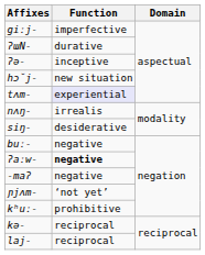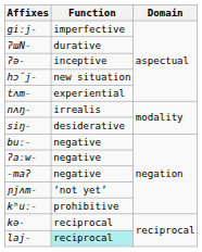 <table class="wikitable">
 <tr>
 <th>Affixes</th>
 <th>Function</th>
 <th>Domain</th>
 </tr>
 <tr>
 <td><em>giːj-</em></td>
 <td>imperfective</td>
 <td rowspan="5">aspectual</td>
 </tr>
 <tr>
 <td><em>ʔɯN-</em></td>
 <td>durative</td>
 </tr>
 <tr>
 <td><em>ʔə-</em></td>
 <td>inceptive</td>
 </tr>
 <tr>
 <td><em>hɔ̆j-</em></td>
 <td>new situation</td>
 </tr>
 <tr>
 <td><em>tʌm-</em></td>
-<td style="background: lavender;">experiential</td>
+<td>experiential</td>
 </tr>
 <tr>
 <td><em>nʌŋ-</em></td>
 <td>irrealis</td>
 <td rowspan="2">modality</td>
 </tr>
 <tr>
 <td><em>siŋ-</em></td>
 <td>desiderative</td>
 </tr>
 <tr>
 <td><em>buː-</em></td>
 <td>negative</td>
 <td rowspan="5">negation</td>
 </tr>
 <tr>
 <td><em>ʔaːw-</em></td>
-<td><strong>negative</strong></td>
+<td>negative</td>
 </tr>
 <tr>
 <td><em>-maʔ</em></td>
 <td>negative</td>
 </tr>
 <tr>
 <td><em>ɲjʌm-</em></td>
 <td>‘not yet’</td>
 </tr>
 <tr>
 <td><em>kʰuː-</em></td>
 <td>prohibitive</td>
 </tr>
 <tr>
 <td><em>kə-</em></td>
 <td>reciprocal</td>
 <td rowspan="2">reciprocal</td>
 </tr>
 <tr>
 <td><em>laj-</em></td>
-<td>reciprocal</td>
+<td style="background: paleturquoise;">reciprocal</td>
 </tr>
 </table>
